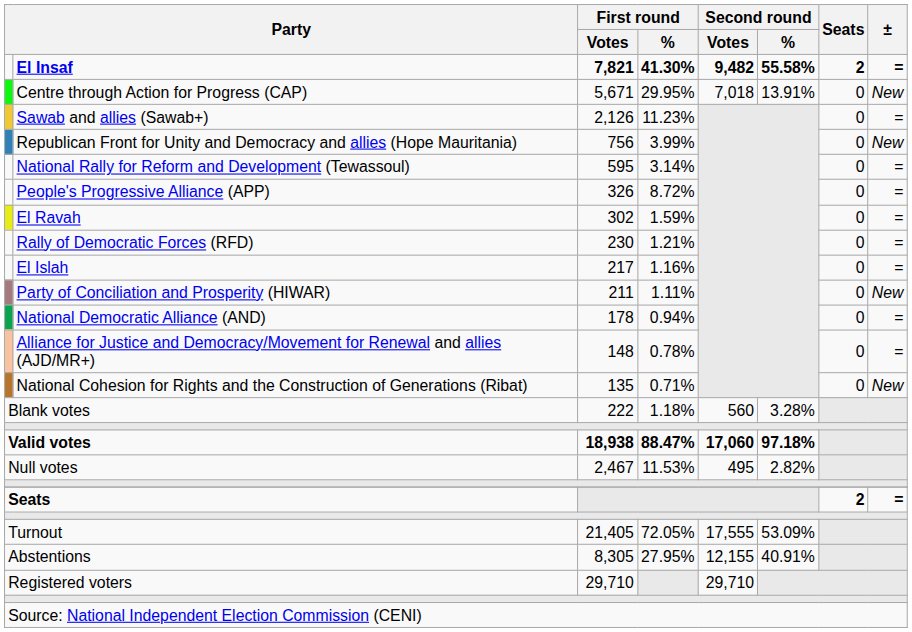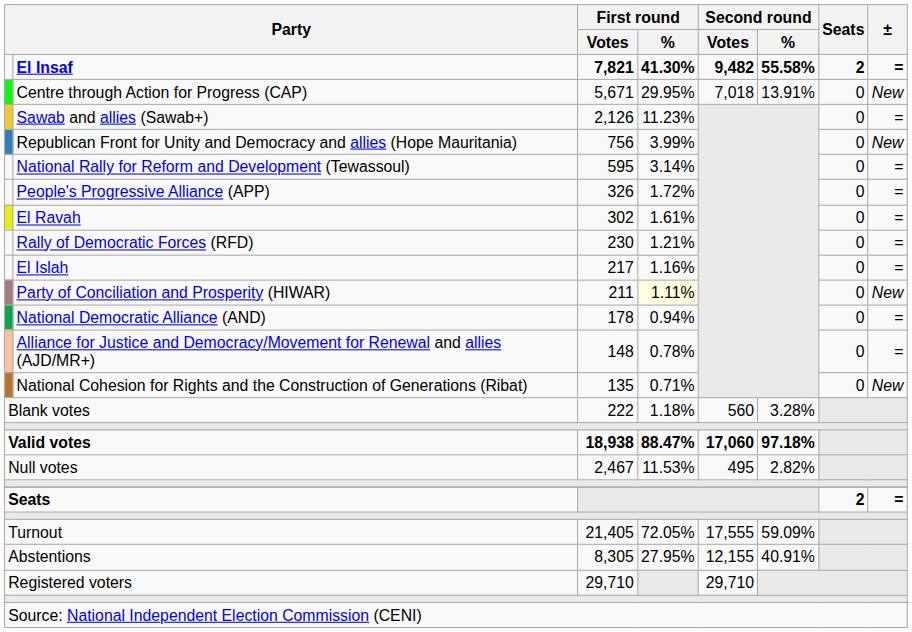 <table class="wikitable" style="text-align:right;font-size:95%;">
 <tr>
 <th rowspan="2" colspan="2" width="700">Party</th>
 <th colspan="2">First round</th>
 <th colspan="2">Second round</th>
 <th rowspan="2" width="25">Seats</th>
 <th rowspan="2" width="20">±</th>
 </tr>
 <tr>
 <th width="50">Votes</th>
 <th width="50">%</th>
 <th width="50">Votes</th>
 <th width="50">%</th>
 </tr>
 <tr>
 <td width="1" style="color:inherit;background:"></td>
 <td style="text-align:left;"><strong><a href='#'>El Insaf</a></strong></td>
 <td><strong>7,821</strong></td>
 <td><strong>41.30%</strong></td>
 <td><strong>9,482</strong></td>
 <td><strong>55.58%</strong></td>
 <td><strong>2</strong></td>
 <td><strong>=</strong></td>
 </tr>
 <tr>
 <td width="1" style="color:inherit;background:#0EF70E;"></td>
 <td style="text-align:left;">Centre through Action for Progress (CAP)</td>
 <td>5,671</td>
 <td>29.95%</td>
 <td>7,018</td>
 <td>13.91%</td>
 <td>0</td>
 <td><em>New</em></td>
 </tr>
 <tr>
 <td width="1" style="color:inherit;background:#F0C832;"></td>
 <td style="text-align:left;"><a href='#'>Sawab</a> and <a href='#'>allies</a> (Sawab+)</td>
 <td>2,126</td>
 <td>11.23%</td>
 <td colspan="2" rowspan="11" style="background:#E9E9E9;"></td>
 <td>0</td>
 <td>=</td>
 </tr>
 <tr>
 <td width="1" style="color:inherit;background:#3080B7;"></td>
 <td style="text-align:left;">Republican Front for Unity and Democracy and <a href='#'>allies</a> (Hope Mauritania)</td>
 <td>756</td>
 <td>3.99%</td>
 <td>0</td>
 <td><em>New</em></td>
 </tr>
 <tr>
 <td width="1" style="color:inherit;background:"></td>
 <td style="text-align:left;"><a href='#'>National Rally for Reform and Development</a> (Tewassoul)</td>
 <td>595</td>
 <td>3.14%</td>
 <td>0</td>
 <td>=</td>
 </tr>
 <tr>
 <td width="1" style="color:inherit;background:"></td>
 <td style="text-align:left;"><a href='#'>People's Progressive Alliance</a> (APP)</td>
 <td>326</td>
-<td>8.72%</td>
+<td>1.72%</td>
 <td>0</td>
 <td>=</td>
 </tr>
 <tr>
 <td width="1" style="color:inherit;background:#E7EB16;"></td>
 <td style="text-align:left;"><a href='#'>El Ravah</a></td>
 <td>302</td>
-<td>1.59%</td>
+<td>1.61%</td>
 <td>0</td>
 <td>=</td>
 </tr>
 <tr>
 <td width="1" style="color:inherit;background:"></td>
 <td style="text-align:left;"><a href='#'>Rally of Democratic Forces</a> (RFD)</td>
 <td>230</td>
 <td>1.21%</td>
 <td>0</td>
 <td>=</td>
 </tr>
 <tr>
 <td width="1" style="color:inherit;background:"></td>
 <td style="text-align:left;"><a href='#'>El Islah</a></td>
 <td>217</td>
 <td>1.16%</td>
 <td>0</td>
 <td>=</td>
 </tr>
 <tr>
 <td width="1" style="color:inherit;background:#A47A7E;"></td>
 <td style="text-align:left;"><a href='#'>Party of Conciliation and Prosperity</a> (HIWAR)</td>
 <td>211</td>
-<td>1.11%</td>
+<td style="background: lightyellow;">1.11%</td>
 <td>0</td>
 <td><em>New</em></td>
 </tr>
 <tr>
 <td width="1" style="color:inherit;background:#0AA450;"></td>
 <td style="text-align:left;"><a href='#'>National Democratic Alliance</a> (AND)</td>
 <td>178</td>
 <td>0.94%</td>
 <td>0</td>
 <td>=</td>
 </tr>
 <tr>
 <td width="1" style="color:inherit;background:#F8C3A0;"></td>
 <td style="text-align:left;"><a href='#'>Alliance for Justice and Democracy/Movement for Renewal</a> and <a href='#'>allies</a> (AJD/MR+)</td>
 <td>148</td>
 <td>0.78%</td>
 <td>0</td>
 <td>=</td>
 </tr>
 <tr>
 <td width="1" style="color:inherit;background:#B7752C;"></td>
 <td style="text-align:left;">National Cohesion for Rights and the Construction of Generations (Ribat)</td>
 <td>135</td>
 <td>0.71%</td>
 <td>0</td>
 <td><em>New</em></td>
 </tr>
 <tr>
 <td colspan="2" style="text-align:left;">Blank votes</td>
 <td>222</td>
 <td>1.18%</td>
 <td>560</td>
 <td>3.28%</td>
 <td colspan="2" style="background:#E9E9E9;"></td>
 </tr>
 <tr>
 <td colspan="8" style="background:#E9E9E9;"></td>
 </tr>
 <tr style="font-weight:bold;">
 <td colspan="2" style="text-align:left;">Valid votes</td>
 <td>18,938</td>
 <td>88.47%</td>
 <td>17,060</td>
 <td>97.18%</td>
 <td colspan="2" style="background:#E9E9E9;"></td>
 </tr>
 <tr>
 <td colspan="2" style="text-align:left;">Null votes</td>
 <td>2,467</td>
 <td>11.53%</td>
 <td>495</td>
 <td>2.82%</td>
 <td colspan="2" style="background:#E9E9E9;"></td>
 </tr>
 <tr>
 <td colspan="8" style="background:#E9E9E9;"></td>
 </tr>
 <tr>
 </tr>
 <tr style="font-weight:bold;">
 <td colspan="2" style="text-align:left;">Seats</td>
 <td colspan="4" style="background:#E9E9E9;"></td>
 <td>2</td>
 <td>=</td>
 </tr>
 <tr>
 <td colspan="8" style="background:#E9E9E9;"></td>
 </tr>
 <tr>
 <td colspan="2" style="text-align:left;">Turnout</td>
 <td>21,405</td>
 <td>72.05%</td>
 <td>17,555</td>
-<td>53.09%</td>
+<td>59.09%</td>
 <td colspan="2" style="background:#E9E9E9;"></td>
 </tr>
 <tr>
 <td colspan="2" style="text-align:left;">Abstentions</td>
 <td>8,305</td>
 <td>27.95%</td>
 <td>12,155</td>
 <td>40.91%</td>
 <td colspan="2" style="background:#E9E9E9;"></td>
 </tr>
 <tr>
 <td colspan="2" style="text-align:left;">Registered voters</td>
 <td>29,710</td>
 <td style="color:inherit;background:#E9E9E9;"></td>
 <td>29,710</td>
 <td colspan="3" style="background:#E9E9E9;"></td>
 </tr>
 <tr>
 <td colspan="8" style="background:#E9E9E9;"></td>
 </tr>
 <tr>
 <td colspan="8" style="text-align:left;">Source: <a href='#'>National Independent Election Commission</a> (CENI)</td>
 </tr>
 </table>
